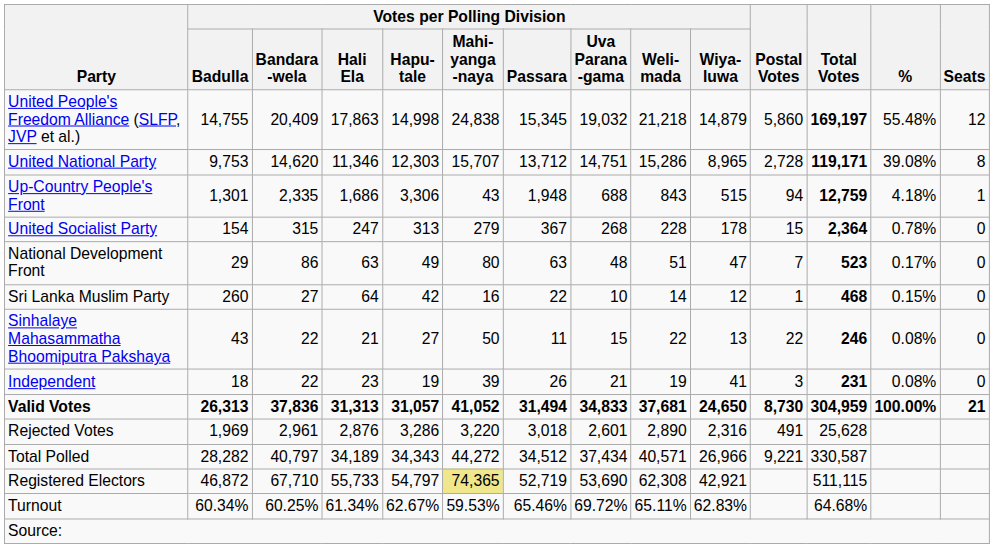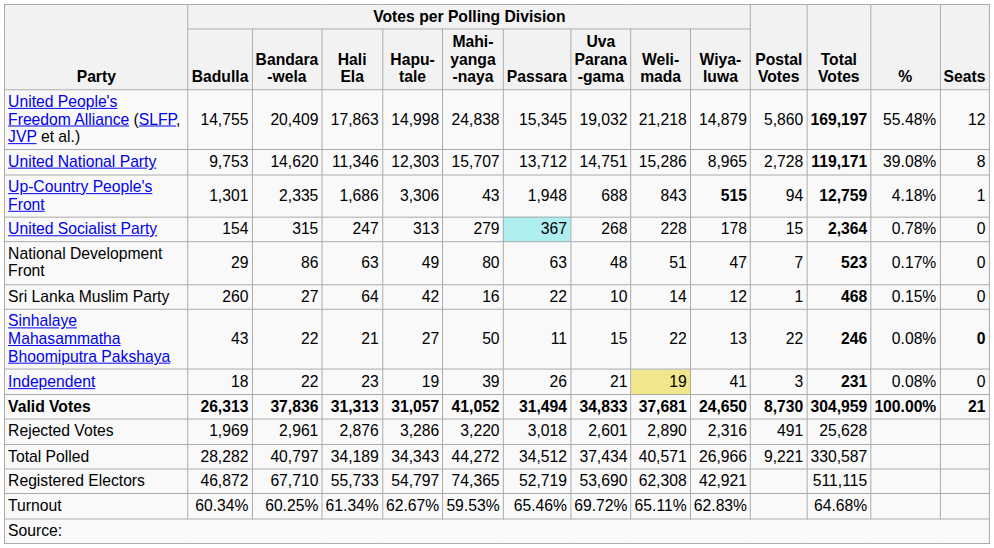 <table class="wikitable" border="1" style="text-align:right;">
 <tr>
 <th align=left valign=bottom rowspan=2 width="180">Party</th>
 <th colspan=9>Votes per Polling Division</th>
 <th align=center valign=bottom rowspan=2 width="50">Postal<br>Votes</th>
 <th align=center valign=bottom rowspan=2 width="50">Total Votes</th>
 <th align=center valign=bottom rowspan=2 width="50">%</th>
 <th align=center valign=bottom rowspan=2 width="40">Seats</th>
 </tr>
 <tr>
 <th align=center valign=bottom width="50">Badulla</th>
 <th align=center valign=bottom width="50">Bandara<br>-wela</th>
 <th align=center valign=bottom width="50">Hali<br>Ela</th>
 <th !align=center valign=bottom width="50">Hapu-<br>tale</th>
 <th align=center valign=bottom width="50">Mahi-<br>yanga<br>-naya</th>
 <th align=center valign=bottom width="50">Passara</th>
 <th align=center valign=bottom width="50">Uva<br>Parana<br>-gama</th>
 <th align=center valign=bottom width="50">Weli-<br>mada</th>
 <th align=center valign=bottom width="50">Wiya-<br>luwa</th>
 </tr>
 <tr>
 <td align=left><a href='#'>United People's Freedom Alliance</a> (<a href='#'>SLFP</a>, <a href='#'>JVP</a> et al.)</td>
 <td>14,755</td>
 <td>20,409</td>
 <td>17,863</td>
 <td>14,998</td>
 <td>24,838</td>
 <td>15,345</td>
 <td>19,032</td>
 <td>21,218</td>
 <td>14,879</td>
 <td>5,860</td>
 <td><strong>169,197</strong></td>
 <td>55.48%</td>
 <td>12</td>
 </tr>
 <tr>
 <td align=left><a href='#'>United National Party</a></td>
 <td>9,753</td>
 <td>14,620</td>
 <td>11,346</td>
 <td>12,303</td>
 <td>15,707</td>
 <td>13,712</td>
 <td>14,751</td>
 <td>15,286</td>
 <td>8,965</td>
 <td>2,728</td>
 <td><strong>119,171</strong></td>
 <td>39.08%</td>
 <td>8</td>
 </tr>
 <tr>
 <td align=left><a href='#'>Up-Country People's Front</a></td>
 <td>1,301</td>
 <td>2,335</td>
 <td>1,686</td>
 <td>3,306</td>
 <td>43</td>
 <td>1,948</td>
 <td>688</td>
 <td>843</td>
-<td>515</td>
+<td><strong>515</strong></td>
 <td>94</td>
 <td><strong>12,759</strong></td>
 <td>4.18%</td>
 <td>1</td>
 </tr>
 <tr>
 <td align=left><a href='#'>United Socialist Party</a></td>
 <td>154</td>
 <td>315</td>
 <td>247</td>
 <td>313</td>
 <td>279</td>
-<td>367</td>
+<td style="background: paleturquoise;">367</td>
 <td>268</td>
 <td>228</td>
 <td>178</td>
 <td>15</td>
 <td><strong>2,364</strong></td>
 <td>0.78%</td>
 <td>0</td>
 </tr>
 <tr>
 <td align=left>National Development Front</td>
 <td>29</td>
 <td>86</td>
 <td>63</td>
 <td>49</td>
 <td>80</td>
 <td>63</td>
 <td>48</td>
 <td>51</td>
 <td>47</td>
 <td>7</td>
 <td><strong>523</strong></td>
 <td>0.17%</td>
 <td>0</td>
 </tr>
 <tr>
 <td align=left>Sri Lanka Muslim Party</td>
 <td>260</td>
 <td>27</td>
 <td>64</td>
 <td>42</td>
 <td>16</td>
 <td>22</td>
 <td>10</td>
 <td>14</td>
 <td>12</td>
 <td>1</td>
 <td><strong>468</strong></td>
 <td>0.15%</td>
 <td>0</td>
 </tr>
 <tr>
 <td align=left><a href='#'>Sinhalaye Mahasammatha Bhoomiputra Pakshaya</a></td>
 <td>43</td>
 <td>22</td>
 <td>21</td>
 <td>27</td>
 <td>50</td>
 <td>11</td>
 <td>15</td>
 <td>22</td>
 <td>13</td>
 <td>22</td>
 <td><strong>246</strong></td>
 <td>0.08%</td>
-<td>0</td>
+<td><strong>0</strong></td>
 </tr>
 <tr>
 <td align=left><a href='#'>Independent</a></td>
 <td>18</td>
 <td>22</td>
 <td>23</td>
 <td>19</td>
 <td>39</td>
 <td>26</td>
 <td>21</td>
-<td>19</td>
+<td style="background: khaki;">19</td>
 <td>41</td>
 <td>3</td>
 <td><strong>231</strong></td>
 <td>0.08%</td>
 <td>0</td>
 </tr>
 <tr>
 <td align=left><strong>Valid Votes</strong></td>
 <td><strong>26,313</strong></td>
 <td><strong>37,836</strong></td>
 <td><strong>31,313</strong></td>
 <td><strong>31,057</strong></td>
 <td><strong>41,052</strong></td>
 <td><strong>31,494</strong></td>
 <td><strong>34,833</strong></td>
 <td><strong>37,681</strong></td>
 <td><strong>24,650</strong></td>
 <td><strong>8,730</strong></td>
 <td><strong>304,959</strong></td>
 <td><strong>100.00%</strong></td>
 <td><strong>21</strong></td>
 </tr>
 <tr>
 <td align=left>Rejected Votes</td>
 <td>1,969</td>
 <td>2,961</td>
 <td>2,876</td>
 <td>3,286</td>
 <td>3,220</td>
 <td>3,018</td>
 <td>2,601</td>
 <td>2,890</td>
 <td>2,316</td>
 <td>491</td>
 <td>25,628</td>
 <td></td>
 <td></td>
 </tr>
 <tr>
 <td align=left>Total Polled</td>
 <td>28,282</td>
 <td>40,797</td>
 <td>34,189</td>
 <td>34,343</td>
 <td>44,272</td>
 <td>34,512</td>
 <td>37,434</td>
 <td>40,571</td>
 <td>26,966</td>
 <td>9,221</td>
 <td>330,587</td>
 <td></td>
 <td></td>
 </tr>
 <tr>
 <td align=left>Registered Electors</td>
 <td>46,872</td>
 <td>67,710</td>
 <td>55,733</td>
 <td>54,797</td>
-<td style="background: khaki;">74,365</td>
+<td>74,365</td>
 <td>52,719</td>
 <td>53,690</td>
 <td>62,308</td>
 <td>42,921</td>
 <td></td>
 <td>511,115</td>
 <td></td>
 <td></td>
 </tr>
 <tr>
 <td align=left>Turnout</td>
 <td>60.34%</td>
 <td>60.25%</td>
 <td>61.34%</td>
 <td>62.67%</td>
 <td>59.53%</td>
 <td>65.46%</td>
 <td>69.72%</td>
 <td>65.11%</td>
 <td>62.83%</td>
 <td></td>
 <td>64.68%</td>
 <td></td>
 <td></td>
 </tr>
 <tr>
 <td align=left colspan=15>Source:</td>
 </tr>
 </table>
